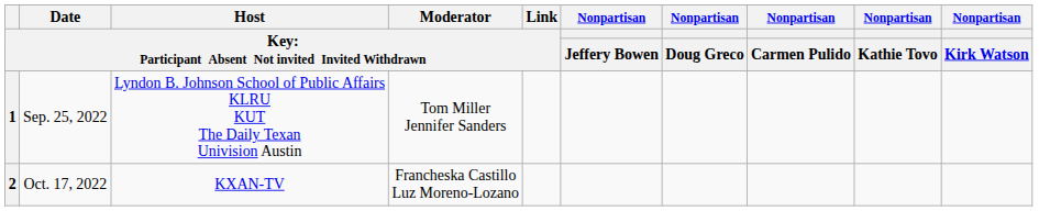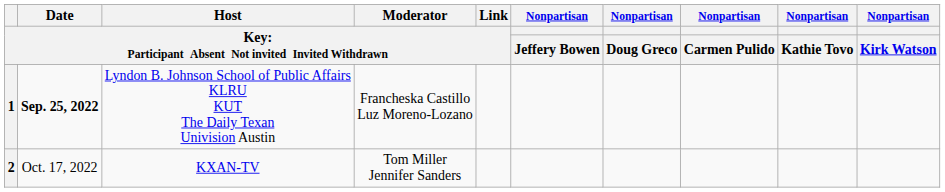 <table class="wikitable" style="text-align:center;">
 <tr>
 <th scope="col"></th>
 <th scope="col">Date</th>
 <th scope="col">Host</th>
 <th scope="col">Moderator</th>
 <th scope="col">Link</th>
 <th scope="col"><small><a href='#'>Nonpartisan</a></small></th>
 <th scope="col"><small><a href='#'>Nonpartisan</a></small></th>
 <th scope="col"><small><a href='#'>Nonpartisan</a></small></th>
 <th scope="col"><small><a href='#'>Nonpartisan</a></small></th>
 <th scope="col"><small><a href='#'>Nonpartisan</a></small></th>
 </tr>
 <tr>
 <th colspan="5" rowspan="2">Key:<br> <small>Participant </small>  <small>Absent </small>  <small>Not invited </small>  <small>Invited  Withdrawn</small></th>
 <th scope="col" style="background:"></th>
 <th scope="col" style="background:"></th>
 <th scope="col" style="background:"></th>
 <th scope="col" style="background:"></th>
 <th scope="col" style="background:"></th>
 </tr>
 <tr>
 <th scope="col">Jeffery Bowen</th>
 <th scope="col">Doug Greco</th>
 <th scope="col">Carmen Pulido</th>
 <th scope="col">Kathie Tovo</th>
 <th scope="col"><a href='#'>Kirk Watson</a></th>
 </tr>
 <tr>
 <th>1</th>
-<td style="white-space:nowrap;">Sep. 25, 2022</td>
+<td style="white-space:nowrap;"><strong>Sep. 25, 2022</strong></td>
 <td style="white-space:nowrap;"><a href='#'>Lyndon B. Johnson School of Public Affairs</a><br><a href='#'>KLRU</a><br><a href='#'>KUT</a><br><a href='#'>The Daily Texan</a><br><a href='#'>Univision</a> Austin</td>
-<td style="white-space:nowrap;">Tom Miller<br>Jennifer Sanders</td>
+<td style="white-space:nowrap;">Francheska Castillo<br>Luz Moreno-Lozano</td>
 <td style="white-space:nowrap;"></td>
 <td></td>
 <td></td>
 <td></td>
 <td></td>
 <td></td>
 </tr>
 <tr>
 <th>2</th>
 <td style="white-space:nowrap;">Oct. 17, 2022</td>
 <td style="white-space:nowrap;"><a href='#'>KXAN-TV</a></td>
-<td style="white-space:nowrap;">Francheska Castillo<br>Luz Moreno-Lozano</td>
+<td style="white-space:nowrap;">Tom Miller<br>Jennifer Sanders</td>
 <td style="white-space:nowrap;"></td>
 <td></td>
 <td></td>
 <td></td>
 <td></td>
 <td></td>
 </tr>
 </table>
